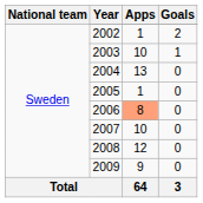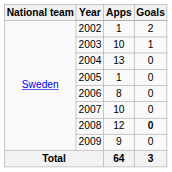 <table class="wikitable" style="text-align:center;">
 <tr>
 <th>National team</th>
 <th>Year</th>
 <th>Apps</th>
 <th>Goals</th>
 </tr>
 <tr>
 <td rowspan="9"><a href='#'>Sweden</a></td>
 </tr>
 <tr>
 <td>2002</td>
 <td>1</td>
 <td>2</td>
 </tr>
 <tr>
 <td>2003</td>
 <td>10</td>
 <td>1</td>
 </tr>
 <tr>
 <td>2004</td>
 <td>13</td>
 <td>0</td>
 </tr>
 <tr>
 <td>2005</td>
 <td>1</td>
 <td>0</td>
 </tr>
 <tr>
 <td>2006</td>
-<td style="background: lightsalmon;">8</td>
+<td>8</td>
 <td>0</td>
 </tr>
 <tr>
 <td>2007</td>
 <td>10</td>
 <td>0</td>
 </tr>
 <tr>
 <td>2008</td>
 <td>12</td>
-<td>0</td>
+<td><strong>0</strong></td>
 </tr>
 <tr>
 <td>2009</td>
 <td>9</td>
 <td>0</td>
 </tr>
 <tr>
 <th colspan="2">Total</th>
 <th>64</th>
 <th>3</th>
 </tr>
 </table>
